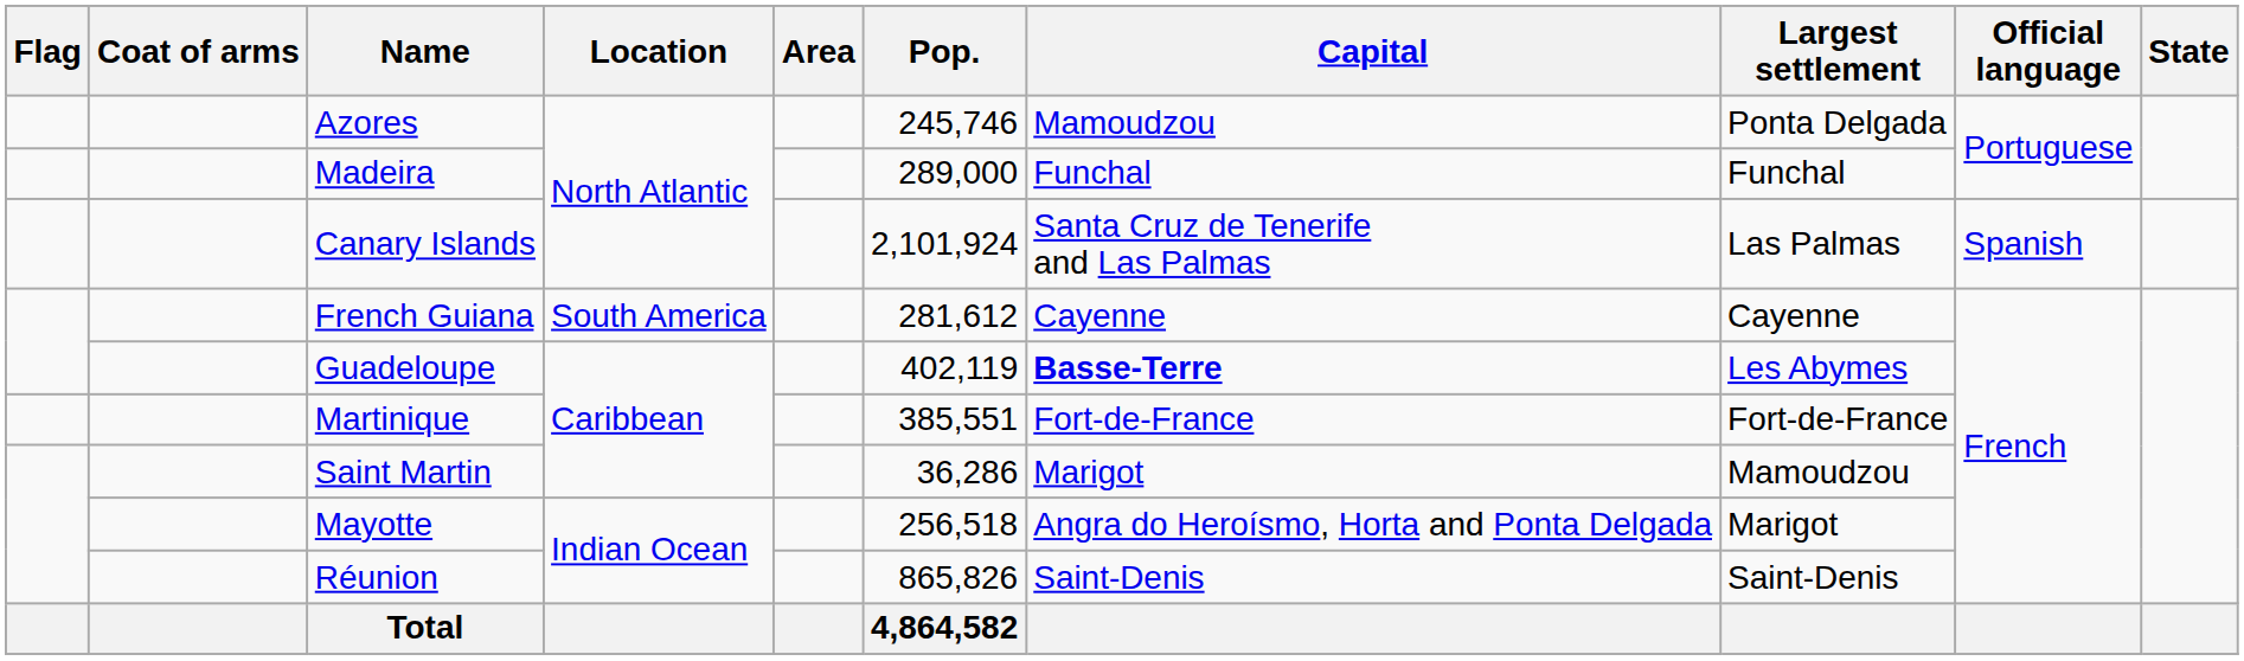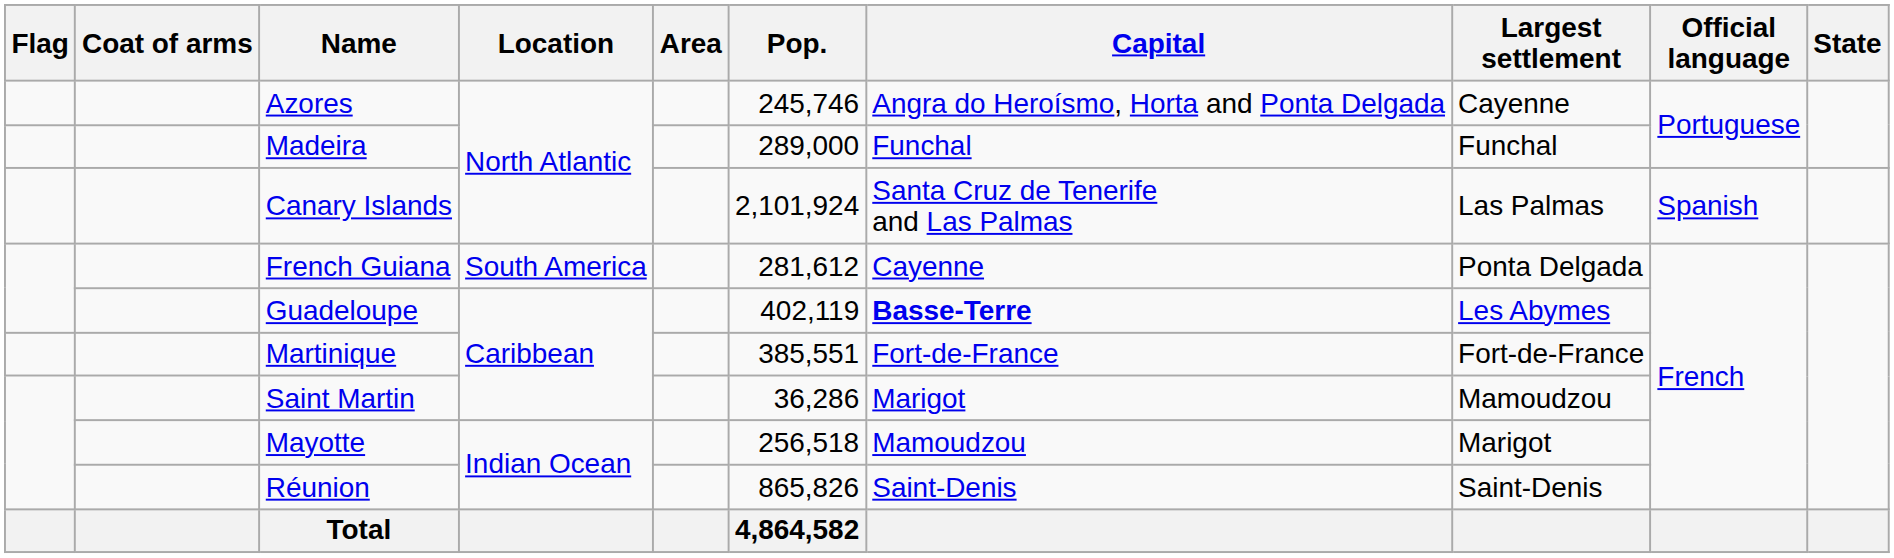 <table class="wikitable sortable" style=font-size:90%>
 <tr>
 <th class="unsortable">Flag</th>
 <th class="unsortable">Coat of arms</th>
 <th>Name</th>
 <th>Loca­tion</th>
 <th>Area</th>
 <th>Pop.</th>
 <th><a href='#'>Capital</a></th>
 <th>Largest<br>settle­ment</th>
 <th>Official<br>language</th>
 <th>State</th>
 </tr>
 <tr>
 <td></td>
 <td></td>
 <td><a href='#'>Azores</a></td>
 <td rowspan=3><a href='#'>North Atlantic</a></td>
 <td style=text-align:right></td>
 <td style=text-align:right>245,746</td>
-<td><a href='#'>Mamoudzou</a></td>
-<td>Ponta Delgada</td>
+<td><a href='#'>Angra do Heroísmo</a>, <a href='#'>Horta</a> and <a href='#'>Ponta Delgada</a></td>
+<td>Cayenne</td>
 <td rowspan=2><a href='#'>Portuguese</a></td>
 <td rowspan=2></td>
 </tr>
 <tr>
 <td></td>
 <td></td>
 <td><a href='#'>Madeira</a></td>
 <td style=text-align:right></td>
 <td style=text-align:right>289,000</td>
 <td><a href='#'>Funchal</a></td>
 <td>Funchal</td>
 </tr>
 <tr>
 <td></td>
 <td></td>
 <td><a href='#'>Canary Islands</a></td>
 <td style=text-align:right></td>
 <td style=text-align:right>2,101,924</td>
 <td><a href='#'>Santa Cruz de Tenerife</a><br>and <a href='#'>Las Palmas</a></td>
 <td>Las Palmas</td>
 <td><a href='#'>Spanish</a></td>
 <td></td>
 </tr>
 <tr>
 <td rowspan=2></td>
 <td></td>
 <td><a href='#'>French Guiana</a></td>
 <td><a href='#'>South America</a></td>
 <td style=text-align:right></td>
 <td style=text-align:right>281,612</td>
 <td><a href='#'>Cayenne</a></td>
-<td>Cayenne</td>
+<td>Ponta Delgada</td>
 <td rowspan=6><a href='#'>French</a></td>
 <td rowspan=6></td>
 </tr>
 <tr>
 <td></td>
 <td><a href='#'>Guadeloupe</a></td>
 <td rowspan=3><a href='#'>Caribbean</a></td>
 <td style=text-align:right></td>
 <td style=text-align:right>402,119</td>
 <td><strong><a href='#'>Basse-Terre</a></strong></td>
 <td><a href='#'>Les Abymes</a></td>
 </tr>
 <tr>
 <td></td>
 <td></td>
 <td><a href='#'>Martinique</a></td>
 <td style=text-align:right></td>
 <td style=text-align:right>385,551</td>
 <td><a href='#'>Fort-de-France</a></td>
 <td>Fort-de-France</td>
 </tr>
 <tr>
 <td rowspan=3></td>
 <td></td>
 <td><a href='#'>Saint Martin</a></td>
 <td style=text-align:right></td>
 <td style=text-align:right>36,286</td>
 <td><a href='#'>Marigot</a></td>
 <td>Mamoudzou</td>
 </tr>
 <tr>
 <td></td>
 <td><a href='#'>Mayotte</a></td>
 <td rowspan=2><a href='#'>Indian Ocean</a></td>
 <td style=text-align:right></td>
 <td style=text-align:right>256,518</td>
-<td><a href='#'>Angra do Heroísmo</a>, <a href='#'>Horta</a> and <a href='#'>Ponta Delgada</a></td>
+<td><a href='#'>Mamoudzou</a></td>
 <td>Marigot</td>
 </tr>
 <tr>
 <td></td>
 <td><a href='#'>Réunion</a></td>
 <td style=text-align:right></td>
 <td style=text-align:right>865,826</td>
 <td><a href='#'>Saint-Denis</a></td>
 <td>Saint-Denis</td>
 </tr>
 <tr>
 <th></th>
 <th></th>
 <th>Total</th>
 <th></th>
 <th style=text-align:right></th>
 <th style=text-align:right>4,864,582</th>
 <th></th>
 <th></th>
 <th></th>
 <th></th>
 </tr>
 </table>
